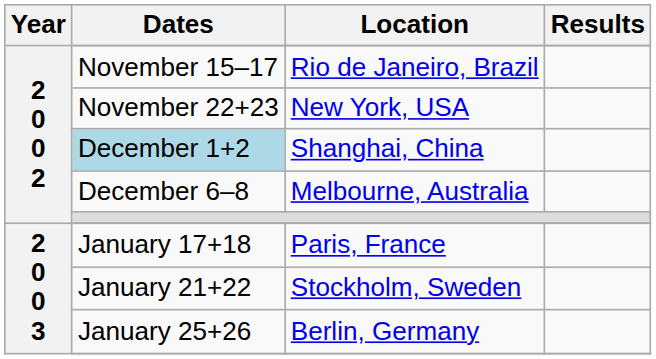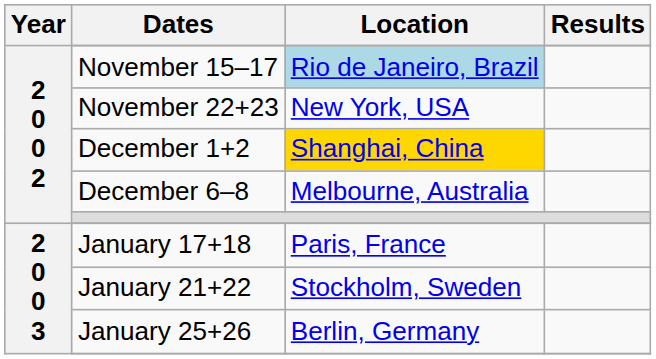 <table class=wikitable>
 <tr>
 <th>Year</th>
 <th>Dates</th>
 <th>Location</th>
 <th>Results</th>
 </tr>
 <tr>
 <th rowspan=6>2<br>0<br>0<br>2</th>
 </tr>
 <tr>
 <td>November 15–17</td>
-<td> <a href='#'>Rio de Janeiro, Brazil</a></td>
+<td style="background: lightblue;"> <a href='#'>Rio de Janeiro, Brazil</a></td>
 <td></td>
 </tr>
 <tr>
 <td>November 22+23</td>
 <td> <a href='#'>New York, USA</a></td>
 <td></td>
 </tr>
 <tr>
-<td style="background: lightblue;">December 1+2</td>
-<td> <a href='#'>Shanghai, China</a></td>
+<td>December 1+2</td>
+<td style="background: gold;"> <a href='#'>Shanghai, China</a></td>
 <td></td>
 </tr>
 <tr>
 <td>December 6–8</td>
 <td> <a href='#'>Melbourne, Australia</a></td>
 <td></td>
 </tr>
 <tr bgcolor=#DDDDDD>
 <td colspan=4></td>
 </tr>
 <tr>
 <th rowspan=5>2<br>0<br>0<br>3</th>
 </tr>
 <tr>
 <td>January 17+18</td>
 <td> <a href='#'>Paris, France</a></td>
 <td></td>
 </tr>
 <tr>
 <td>January 21+22</td>
 <td> <a href='#'>Stockholm, Sweden</a></td>
 <td></td>
 </tr>
 <tr>
 <td>January 25+26</td>
 <td> <a href='#'>Berlin, Germany</a></td>
 <td></td>
 </tr>
 <tr>
 </tr>
 </table>
